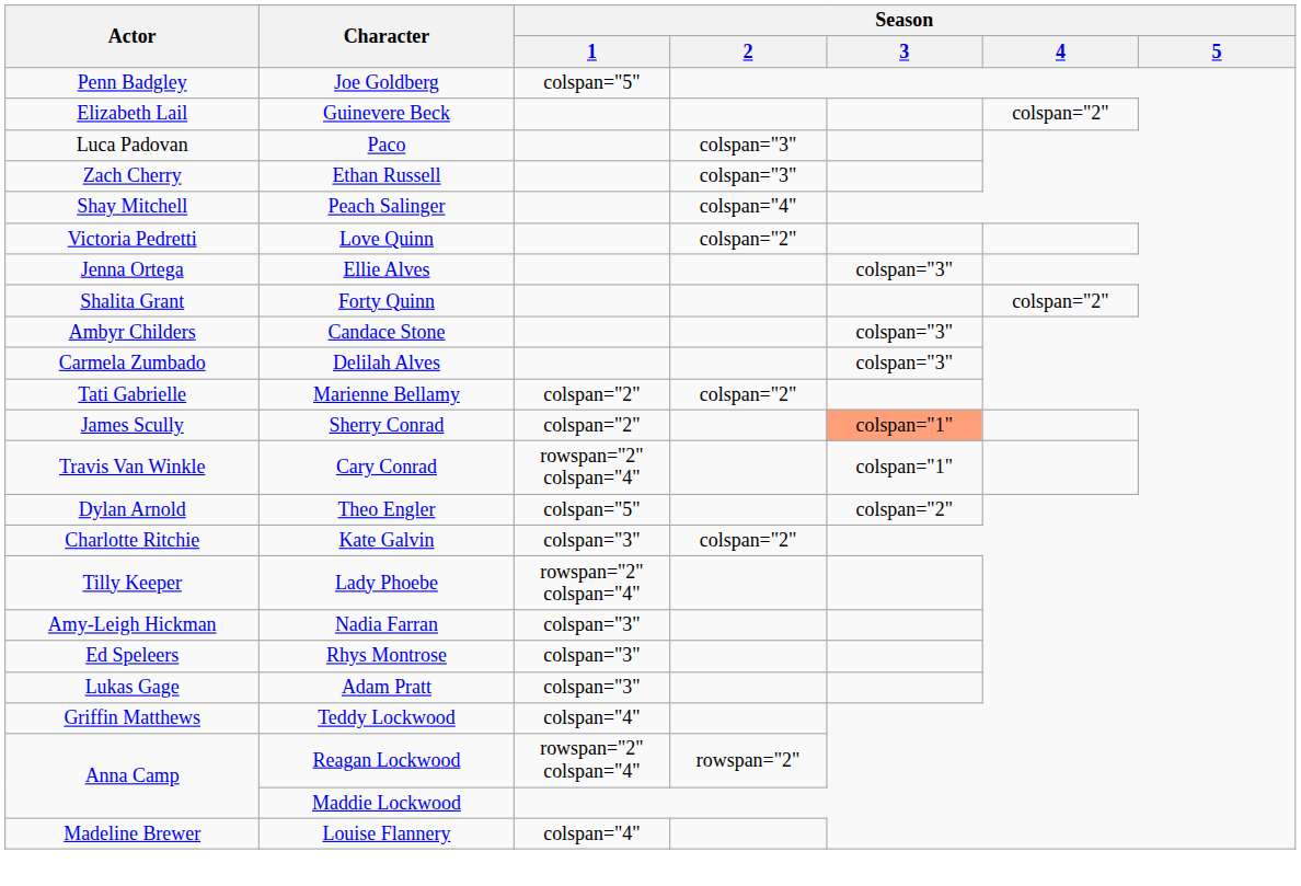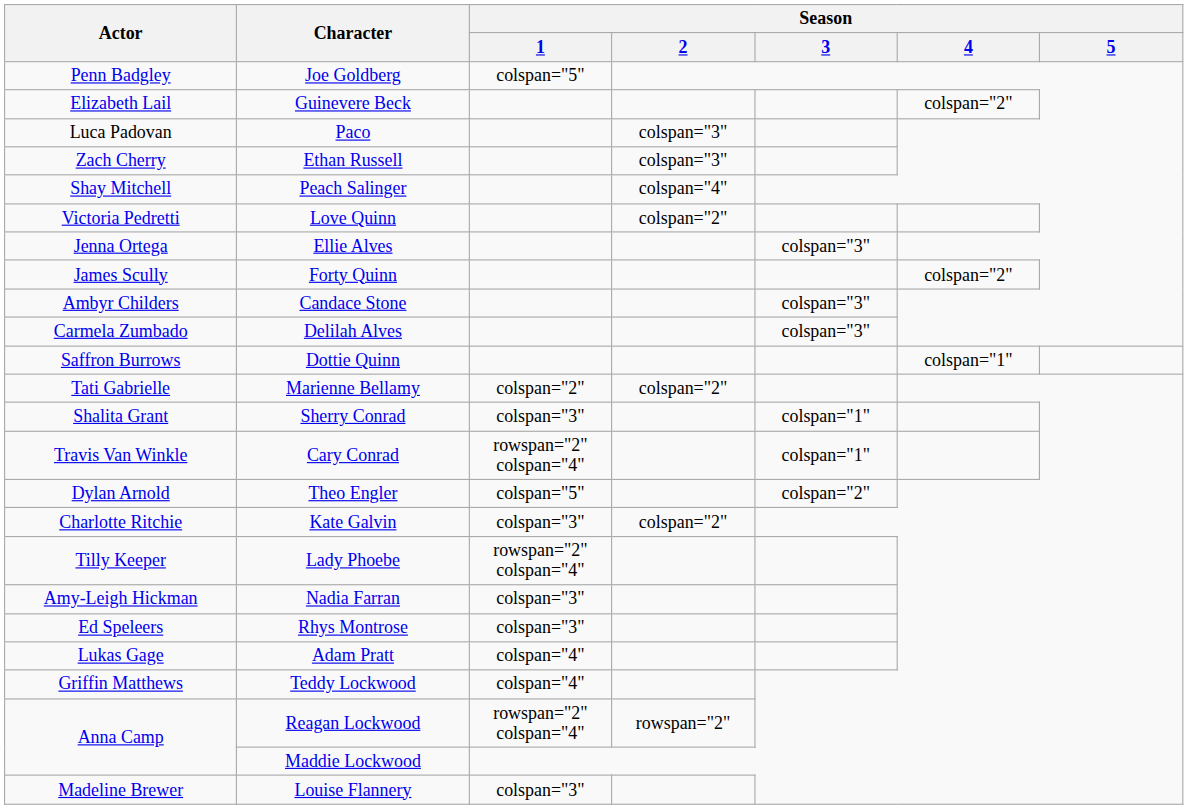 <table class="wikitable plainrowheaders" style="text-align:center;">
 <tr>
 <th rowspan="2" style="width: 200px;">Actor</th>
 <th rowspan="2" style="width: 200px;">Character</th>
 <th colspan="5" scope="col">Season</th>
 </tr>
 <tr>
 <th style="width: 120px;"><a href='#'>1</a></th>
 <th style="width: 120px;"><a href='#'>2</a></th>
 <th style="width: 120px;"><a href='#'>3</a></th>
 <th style="width: 120px;"><a href='#'>4</a></th>
 <th style="width: 120px;"><a href='#'>5</a></th>
 </tr>
 <tr>
 <td><a href='#'>Penn Badgley</a></td>
 <td><a href='#'>Joe Goldberg</a></td>
 <td>colspan="5" </td>
 </tr>
 <tr>
 <td><a href='#'>Elizabeth Lail</a></td>
 <td><a href='#'>Guinevere Beck</a></td>
 <td></td>
 <td></td>
 <td></td>
 <td>colspan="2" </td>
 </tr>
 <tr>
 <td>Luca Padovan</td>
 <td><a href='#'>Paco</a></td>
 <td></td>
 <td>colspan="3" </td>
 <td></td>
 </tr>
 <tr>
 <td><a href='#'>Zach Cherry</a></td>
 <td><a href='#'>Ethan Russell</a></td>
 <td></td>
 <td>colspan="3" </td>
 <td></td>
 </tr>
 <tr>
 <td><a href='#'>Shay Mitchell</a></td>
 <td><a href='#'>Peach Salinger</a></td>
 <td></td>
 <td>colspan="4" </td>
 </tr>
 <tr>
 <td><a href='#'>Victoria Pedretti</a></td>
 <td><a href='#'>Love Quinn</a></td>
 <td></td>
 <td>colspan="2" </td>
 <td></td>
 <td></td>
 </tr>
 <tr>
 <td><a href='#'>Jenna Ortega</a></td>
 <td><a href='#'>Ellie Alves</a></td>
 <td></td>
 <td></td>
 <td>colspan="3" </td>
 </tr>
 <tr>
-<td><a href='#'>Shalita Grant</a></td>
+<td><a href='#'>James Scully</a></td>
 <td><a href='#'>Forty Quinn</a></td>
 <td></td>
 <td></td>
 <td></td>
 <td>colspan="2" </td>
 </tr>
 <tr>
 <td><a href='#'>Ambyr Childers</a></td>
 <td><a href='#'>Candace Stone</a></td>
 <td></td>
 <td></td>
 <td>colspan="3" </td>
 </tr>
 <tr>
 <td><a href='#'>Carmela Zumbado</a></td>
 <td><a href='#'>Delilah Alves</a></td>
 <td></td>
 <td></td>
 <td>colspan="3" </td>
 </tr>
 <tr>
+<td><a href='#'>Saffron Burrows</a></td>
+<td><a href='#'>Dottie Quinn</a></td>
+<td></td>
+<td></td>
+<td></td>
+<td>colspan="1" </td>
+<td></td>
+</tr>
+<tr>
 <td><a href='#'>Tati Gabrielle</a></td>
 <td><a href='#'>Marienne Bellamy</a></td>
 <td>colspan="2" </td>
 <td>colspan="2" </td>
 <td></td>
 </tr>
 <tr>
-<td><a href='#'>James Scully</a></td>
+<td><a href='#'>Shalita Grant</a></td>
 <td><a href='#'>Sherry Conrad</a></td>
-<td>colspan="2" </td>
+<td>colspan="3" </td>
 <td></td>
-<td style="background: lightsalmon;">colspan="1" </td>
+<td>colspan="1" </td>
 <td></td>
 </tr>
 <tr>
 <td><a href='#'>Travis Van Winkle</a></td>
 <td><a href='#'>Cary Conrad</a></td>
 <td>rowspan="2" colspan="4" </td>
 <td></td>
 <td>colspan="1" </td>
 <td></td>
 </tr>
 <tr>
 <td><a href='#'>Dylan Arnold</a></td>
 <td><a href='#'>Theo Engler</a></td>
 <td>colspan="5" </td>
 <td></td>
 <td>colspan="2" </td>
 </tr>
 <tr>
 <td><a href='#'>Charlotte Ritchie</a></td>
 <td><a href='#'>Kate Galvin<br></a></td>
 <td>colspan="3" </td>
 <td>colspan="2" </td>
 </tr>
 <tr>
 <td><a href='#'>Tilly Keeper</a></td>
 <td><a href='#'>Lady Phoebe</a></td>
 <td>rowspan="2" colspan="4" </td>
 <td></td>
 <td></td>
 </tr>
 <tr>
 <td><a href='#'>Amy-Leigh Hickman</a></td>
 <td><a href='#'>Nadia Farran</a></td>
 <td>colspan="3" </td>
 <td></td>
 <td></td>
 </tr>
 <tr>
 <td><a href='#'>Ed Speleers</a></td>
 <td><a href='#'>Rhys Montrose</a></td>
 <td>colspan="3" </td>
 <td></td>
 <td></td>
 </tr>
 <tr>
 <td><a href='#'>Lukas Gage</a></td>
 <td><a href='#'>Adam Pratt</a></td>
-<td>colspan="3" </td>
+<td>colspan="4" </td>
 <td></td>
 <td></td>
 </tr>
 <tr>
 <td><a href='#'>Griffin Matthews</a></td>
 <td><a href='#'>Teddy Lockwood</a></td>
 <td>colspan="4" </td>
 <td></td>
 </tr>
 <tr>
 <td rowspan="2"><a href='#'>Anna Camp</a></td>
 <td><a href='#'>Reagan Lockwood</a></td>
 <td>rowspan="2" colspan="4" </td>
 <td>rowspan="2" </td>
 </tr>
 <tr>
 <td><a href='#'>Maddie Lockwood</a></td>
 </tr>
 <tr>
 <td><a href='#'>Madeline Brewer</a></td>
 <td><a href='#'>Louise Flannery<br></a></td>
-<td>colspan="4" </td>
+<td>colspan="3" </td>
 <td></td>
 </tr>
 </table>
